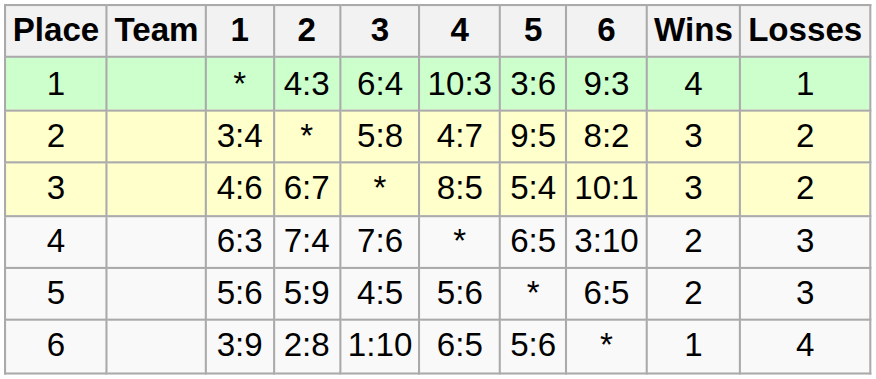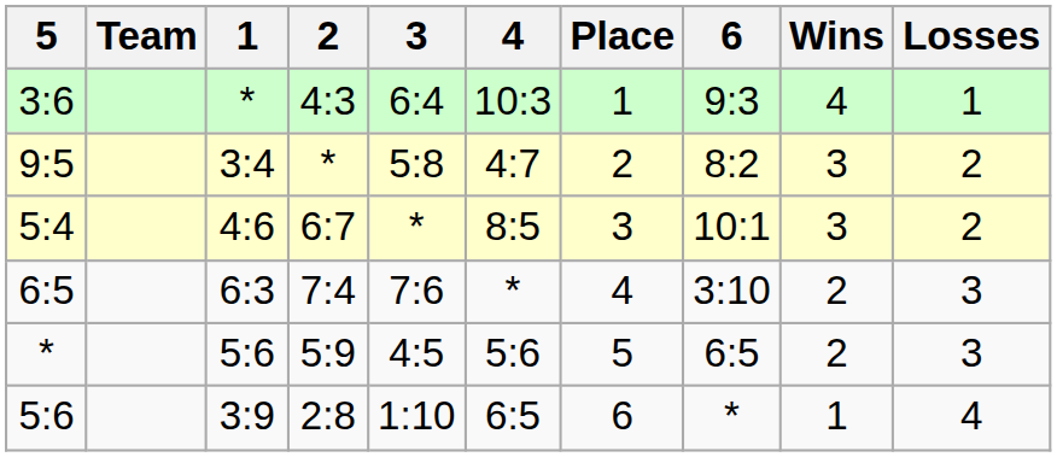 <table class="wikitable" style="text-align:center;">
 <tr>
-<th>Place</th>
+<th width="25">5</th>
 <th>Team</th>
 <th width="25">1</th>
 <th width="25">2</th>
 <th width="25">3</th>
 <th width="25">4</th>
-<th width="25">5</th>
+<th>Place</th>
 <th width="25">6</th>
 <th>Wins</th>
 <th>Losses</th>
 </tr>
 <tr bgcolor=#cfc>
-<td>1</td>
+<td>3:6</td>
 <td align=left></td>
 <td>*</td>
 <td>4:3</td>
 <td>6:4</td>
 <td>10:3</td>
-<td>3:6</td>
+<td>1</td>
 <td>9:3</td>
 <td>4</td>
 <td>1</td>
 </tr>
 <tr bgcolor=#ffc>
-<td>2</td>
+<td>9:5</td>
 <td align=left></td>
 <td>3:4</td>
 <td>*</td>
 <td>5:8</td>
 <td>4:7</td>
-<td>9:5</td>
+<td>2</td>
 <td>8:2</td>
 <td>3</td>
 <td>2</td>
 </tr>
 <tr bgcolor=#ffc>
-<td>3</td>
+<td>5:4</td>
 <td align=left></td>
 <td>4:6</td>
 <td>6:7</td>
 <td>*</td>
 <td>8:5</td>
-<td>5:4</td>
+<td>3</td>
 <td>10:1</td>
 <td>3</td>
 <td>2</td>
 </tr>
 <tr>
-<td>4</td>
+<td>6:5</td>
 <td align=left></td>
 <td>6:3</td>
 <td>7:4</td>
 <td>7:6</td>
 <td>*</td>
-<td>6:5</td>
+<td>4</td>
 <td>3:10</td>
 <td>2</td>
 <td>3</td>
 </tr>
 <tr>
-<td>5</td>
+<td>*</td>
 <td align=left></td>
 <td>5:6</td>
 <td>5:9</td>
 <td>4:5</td>
 <td>5:6</td>
-<td>*</td>
+<td>5</td>
 <td>6:5</td>
 <td>2</td>
 <td>3</td>
 </tr>
 <tr>
-<td>6</td>
+<td>5:6</td>
 <td align=left></td>
 <td>3:9</td>
 <td>2:8</td>
 <td>1:10</td>
 <td>6:5</td>
-<td>5:6</td>
+<td>6</td>
 <td>*</td>
 <td>1</td>
 <td>4</td>
 </tr>
 </table>
